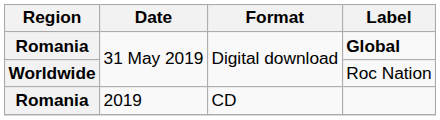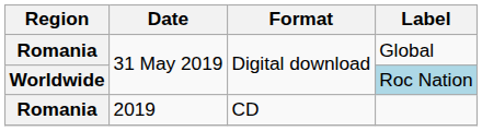 <table class="wikitable plainrowheaders">
 <tr>
 <th>Region</th>
 <th>Date</th>
 <th>Format</th>
 <th>Label</th>
 </tr>
 <tr>
 <th scope="row">Romania</th>
 <td rowspan="2">31 May 2019</td>
 <td rowspan="2">Digital download</td>
-<td><strong>Global</strong></td>
+<td>Global</td>
 </tr>
 <tr>
 <th scope="row">Worldwide</th>
-<td>Roc Nation</td>
+<td style="background: lightblue;">Roc Nation</td>
 </tr>
 <tr>
 <th scope="row">Romania</th>
 <td>2019</td>
 <td>CD</td>
 <td></td>
 </tr>
 <tr>
 </tr>
 </table>
